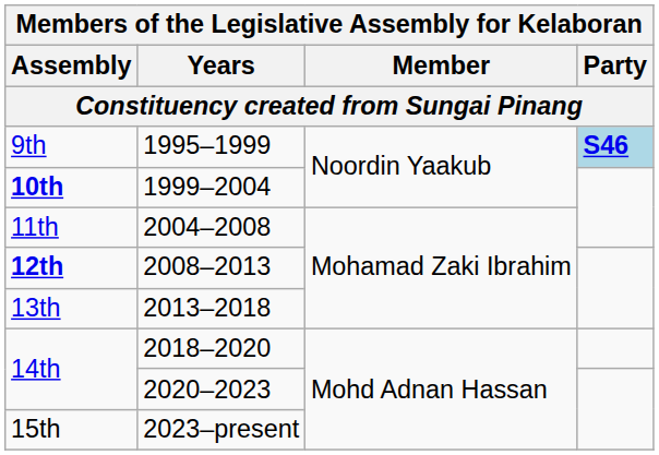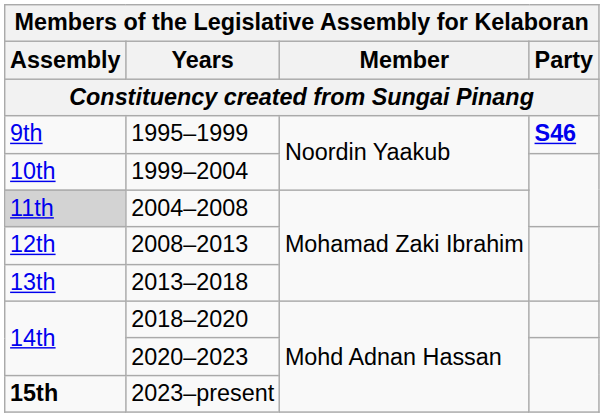 <table class="wikitable">
 <tr>
 <th colspan="4">Members of the Legislative Assembly for Kelaboran</th>
 </tr>
 <tr>
 <th>Assembly</th>
 <th>Years</th>
 <th>Member</th>
 <th>Party</th>
 </tr>
 <tr>
 <th colspan="4" align="center"><em>Constituency created from Sungai Pinang</em></th>
 </tr>
 <tr>
 <td><a href='#'>9th</a></td>
 <td>1995–1999</td>
 <td rowspan="2">Noordin Yaakub</td>
-<td style="background: lightblue;"><strong><a href='#'>S46</a></strong></td>
+<td><strong><a href='#'>S46</a></strong></td>
 </tr>
 <tr>
-<td><strong><a href='#'>10th</a></strong></td>
+<td><a href='#'>10th</a></td>
 <td>1999–2004</td>
 <td rowspan="2"></td>
 </tr>
 <tr>
-<td><a href='#'>11th</a></td>
+<td style="background: lightgrey;"><a href='#'>11th</a></td>
 <td>2004–2008</td>
 <td rowspan="3">Mohamad Zaki Ibrahim</td>
 </tr>
 <tr>
-<td><strong><a href='#'>12th</a></strong></td>
+<td><a href='#'>12th</a></td>
 <td>2008–2013</td>
 <td rowspan=2></td>
 </tr>
 <tr>
 <td><a href='#'>13th</a></td>
 <td>2013–2018</td>
 </tr>
 <tr>
 <td rowspan="2"><a href='#'>14th</a></td>
 <td>2018–2020</td>
 <td rowspan="3">Mohd Adnan Hassan</td>
 <td></td>
 </tr>
 <tr>
 <td>2020–2023</td>
 <td rowspan="2"></td>
 </tr>
 <tr>
-<td>15th</td>
+<td><strong>15th</strong></td>
 <td>2023–present</td>
 </tr>
 </table>
